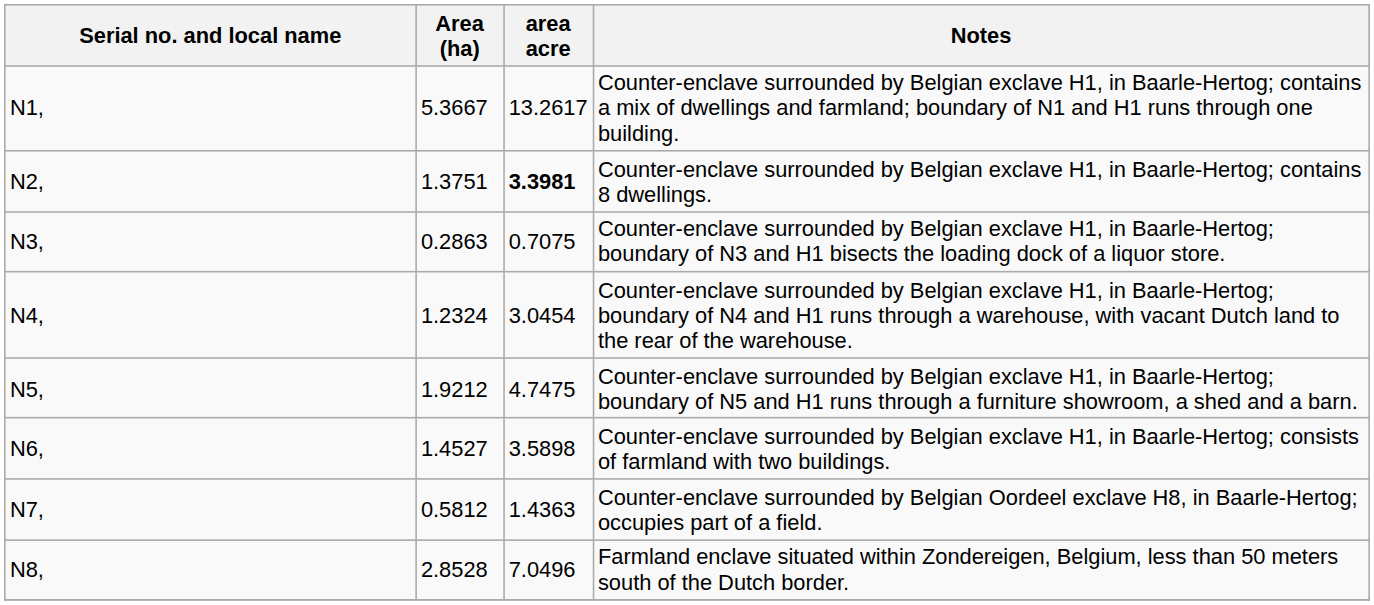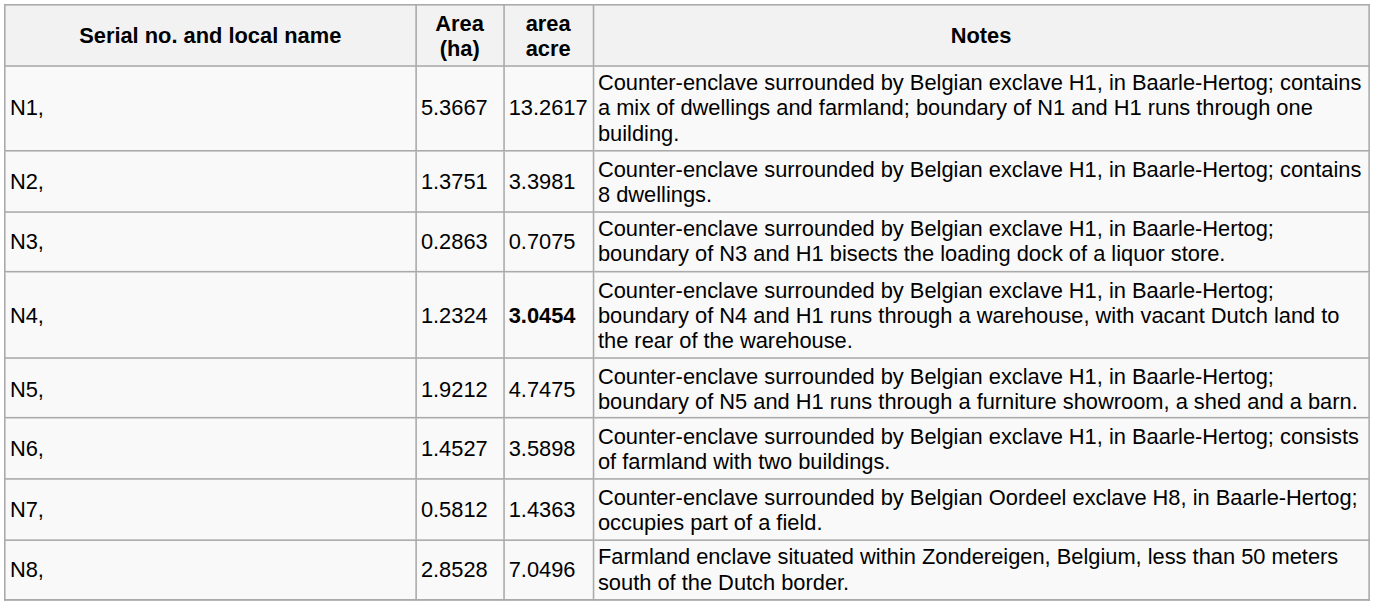 <table class="wikitable sortable" style="text-align:left; font-size:87%; border:1; cellpadding:5; cellspacing:0;">
 <tr bgcolor="#ececec">
 <th scope="col" width="275px"><strong>Serial no. and local name</strong> </th>
 <th scope="col" width="50px" data-sort-type="number"><strong>Area (ha)</strong></th>
 <th>area<br>acre</th>
 <th scope="col" width="525px" class="unsortable"><strong>Notes</strong></th>
 </tr>
 <tr>
 <td> N1, </td>
 <td>5.3667</td>
 <td>13.2617</td>
 <td>Counter-enclave surrounded by Belgian exclave H1, in Baarle-Hertog; contains a mix of dwellings and farmland; boundary of N1 and H1 runs through one building.</td>
 </tr>
 <tr>
 <td> N2, </td>
 <td>1.3751</td>
-<td><strong>3.3981</strong></td>
+<td>3.3981</td>
 <td>Counter-enclave surrounded by Belgian exclave H1, in Baarle-Hertog; contains 8 dwellings.</td>
 </tr>
 <tr>
 <td> N3, </td>
 <td>0.2863</td>
 <td>0.7075</td>
 <td>Counter-enclave surrounded by Belgian exclave H1, in Baarle-Hertog; boundary of N3 and H1 bisects the loading dock of a liquor store.</td>
 </tr>
 <tr>
 <td> N4, </td>
 <td>1.2324</td>
-<td>3.0454</td>
+<td><strong>3.0454</strong></td>
 <td>Counter-enclave surrounded by Belgian exclave H1, in Baarle-Hertog; boundary of N4 and H1 runs through a warehouse, with vacant Dutch land to the rear of the warehouse.</td>
 </tr>
 <tr>
 <td> N5, </td>
 <td>1.9212</td>
 <td>4.7475</td>
 <td>Counter-enclave surrounded by Belgian exclave H1, in Baarle-Hertog; boundary of N5 and H1 runs through a furniture showroom, a shed and a barn.</td>
 </tr>
 <tr>
 <td> N6, </td>
 <td>1.4527</td>
 <td>3.5898</td>
 <td>Counter-enclave surrounded by Belgian exclave H1, in Baarle-Hertog; consists of farmland with two buildings.</td>
 </tr>
 <tr>
 <td> N7, </td>
 <td>0.5812</td>
 <td>1.4363</td>
 <td>Counter-enclave surrounded by Belgian Oordeel exclave H8, in Baarle-Hertog; occupies part of a field.</td>
 </tr>
 <tr>
 <td> N8, </td>
 <td>2.8528</td>
 <td>7.0496</td>
 <td>Farmland enclave situated within Zondereigen, Belgium, less than 50 meters south of the Dutch border.</td>
 </tr>
 <tr>
 </tr>
 </table>
